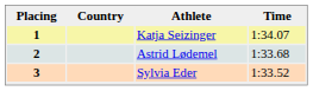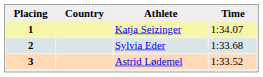 <table style="border-style:solid;border-width:1px;border-color:#808080;background-color:#EFEFEF" cellspacing="2" cellpadding="2" width="380px">
 <tr bgcolor="#EFEFEF">
 <th>Placing</th>
 <th>Country</th>
 <th>Athlete</th>
 <th>Time</th>
 </tr>
 <tr align="center" valign="top" bgcolor="#F7F6A8">
 <th>1</th>
 <td></td>
 <td align="left"><a href='#'>Katja Seizinger</a></td>
 <td align="left">1:34.07</td>
 </tr>
 <tr align="center" valign="top" bgcolor="#DCE5E5">
 <th>2</th>
 <td></td>
-<td align="left"><a href='#'>Astrid Lødemel</a></td>
+<td align="left"><a href='#'>Sylvia Eder</a></td>
 <td align="left">1:33.68</td>
 </tr>
 <tr align="center" valign="top" bgcolor="#FFDAB9">
 <th>3</th>
 <td></td>
-<td align="left"><a href='#'>Sylvia Eder</a></td>
+<td align="left"><a href='#'>Astrid Lødemel</a></td>
 <td align="left">1:33.52</td>
 </tr>
 <tr align="center" valign="top" bgcolor="#FFFFFF">
 </tr>
 </table>
